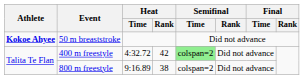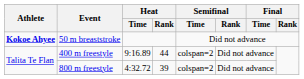 <table class=wikitable style="font-size:90%">
 <tr>
 <th rowspan="2">Athlete</th>
 <th rowspan="2">Event</th>
 <th colspan="2">Heat</th>
 <th colspan="2">Semifinal</th>
 <th colspan="2">Final</th>
 </tr>
 <tr style="font-size:95%">
 <th>Time</th>
 <th>Rank</th>
 <th>Time</th>
 <th>Rank</th>
 <th>Time</th>
 <th>Rank</th>
 </tr>
 <tr align=center>
 <td align=left><strong><a href='#'>Kokoe Ahyee</a></strong></td>
 <td align=left><a href='#'>50 m breaststroke</a></td>
 <td colspan=2></td>
 <td colspan=4>Did not advance</td>
 </tr>
 <tr align=center>
 <td align=left rowspan=2><a href='#'>Talita Te Flan</a></td>
 <td align=left><a href='#'>400 m freestyle</a></td>
-<td>4:32.72</td>
-<td>42</td>
-<td style="background: lightgreen;">colspan=2 </td>
+<td>9:16.89</td>
+<td>44</td>
+<td>colspan=2 </td>
 <td colspan=2>Did not advance</td>
 </tr>
 <tr align=center>
 <td align=left><a href='#'>800 m freestyle</a></td>
-<td>9:16.89</td>
-<td>38</td>
+<td>4:32.72</td>
+<td>39</td>
 <td>colspan=2 </td>
 <td colspan=2>Did not advance</td>
 </tr>
 </table>
